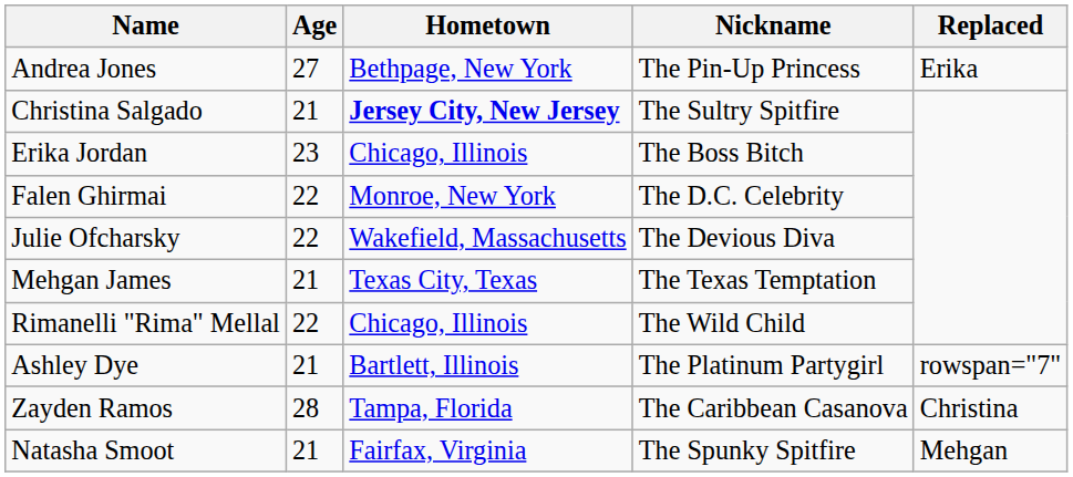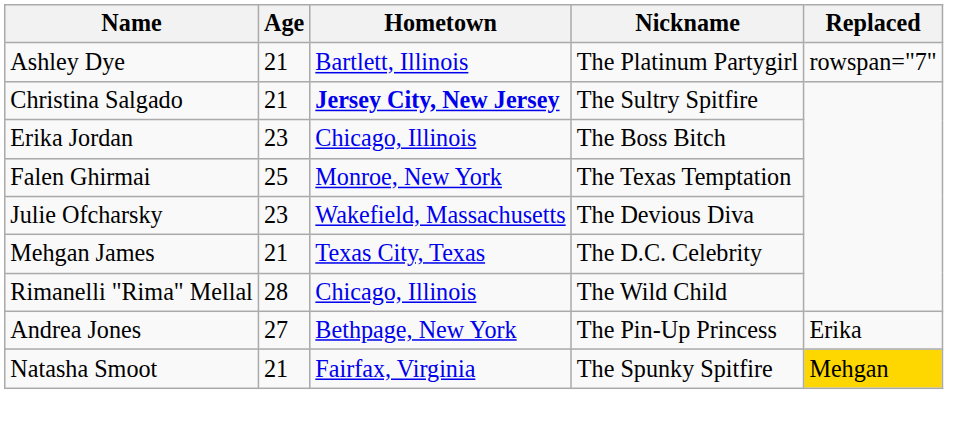 <table class="wikitable sortable plainrowheaders">
 <tr>
 <th scope="col">Name</th>
 <th scope="col">Age</th>
 <th scope="col">Hometown</th>
 <th scope="col">Nickname</th>
 <th scope="col">Replaced</th>
 </tr>
 <tr>
-<td scope="row">Andrea Jones</td>
-<td>27</td>
-<td><a href='#'>Bethpage, New York</a></td>
-<td>The Pin-Up Princess</td>
-<td>Erika</td>
+<td scope="row">Ashley Dye</td>
+<td>21</td>
+<td><a href='#'>Bartlett, Illinois</a></td>
+<td>The Platinum Partygirl</td>
+<td>rowspan="7" </td>
 </tr>
 <tr>
 <td scope="row">Christina Salgado</td>
 <td>21</td>
 <td><strong><a href='#'>Jersey City, New Jersey</a></strong></td>
 <td>The Sultry Spitfire</td>
 </tr>
 <tr>
 <td scope="row">Erika Jordan</td>
 <td>23</td>
 <td><a href='#'>Chicago, Illinois</a></td>
 <td>The Boss Bitch</td>
 </tr>
 <tr>
 <td scope="row">Falen Ghirmai</td>
-<td>22</td>
+<td>25</td>
 <td><a href='#'>Monroe, New York</a></td>
-<td>The D.C. Celebrity</td>
+<td>The Texas Temptation</td>
 </tr>
 <tr>
 <td scope="row">Julie Ofcharsky</td>
-<td>22</td>
+<td>23</td>
 <td><a href='#'>Wakefield, Massachusetts</a></td>
 <td>The Devious Diva</td>
 </tr>
 <tr>
 <td scope="row">Mehgan James</td>
 <td>21</td>
 <td><a href='#'>Texas City, Texas</a></td>
-<td>The Texas Temptation</td>
+<td>The D.C. Celebrity</td>
 </tr>
 <tr>
 <td scope="row">Rimanelli "Rima" Mellal</td>
-<td>22</td>
+<td>28</td>
 <td><a href='#'>Chicago, Illinois</a></td>
 <td>The Wild Child</td>
 </tr>
 <tr>
-<td scope="row">Ashley Dye</td>
-<td>21</td>
-<td><a href='#'>Bartlett, Illinois</a></td>
-<td>The Platinum Partygirl</td>
-<td>rowspan="7" </td>
-</tr>
-<tr>
-<td scope="row">Zayden Ramos</td>
-<td>28</td>
-<td><a href='#'>Tampa, Florida</a></td>
-<td>The Caribbean Casanova</td>
-<td>Christina</td>
+<td scope="row">Andrea Jones</td>
+<td>27</td>
+<td><a href='#'>Bethpage, New York</a></td>
+<td>The Pin-Up Princess</td>
+<td>Erika</td>
 </tr>
 <tr>
 <td scope="row">Natasha Smoot</td>
 <td>21</td>
 <td><a href='#'>Fairfax, Virginia</a></td>
 <td>The Spunky Spitfire</td>
-<td>Mehgan</td>
+<td style="background: gold;">Mehgan</td>
 </tr>
 </table>
